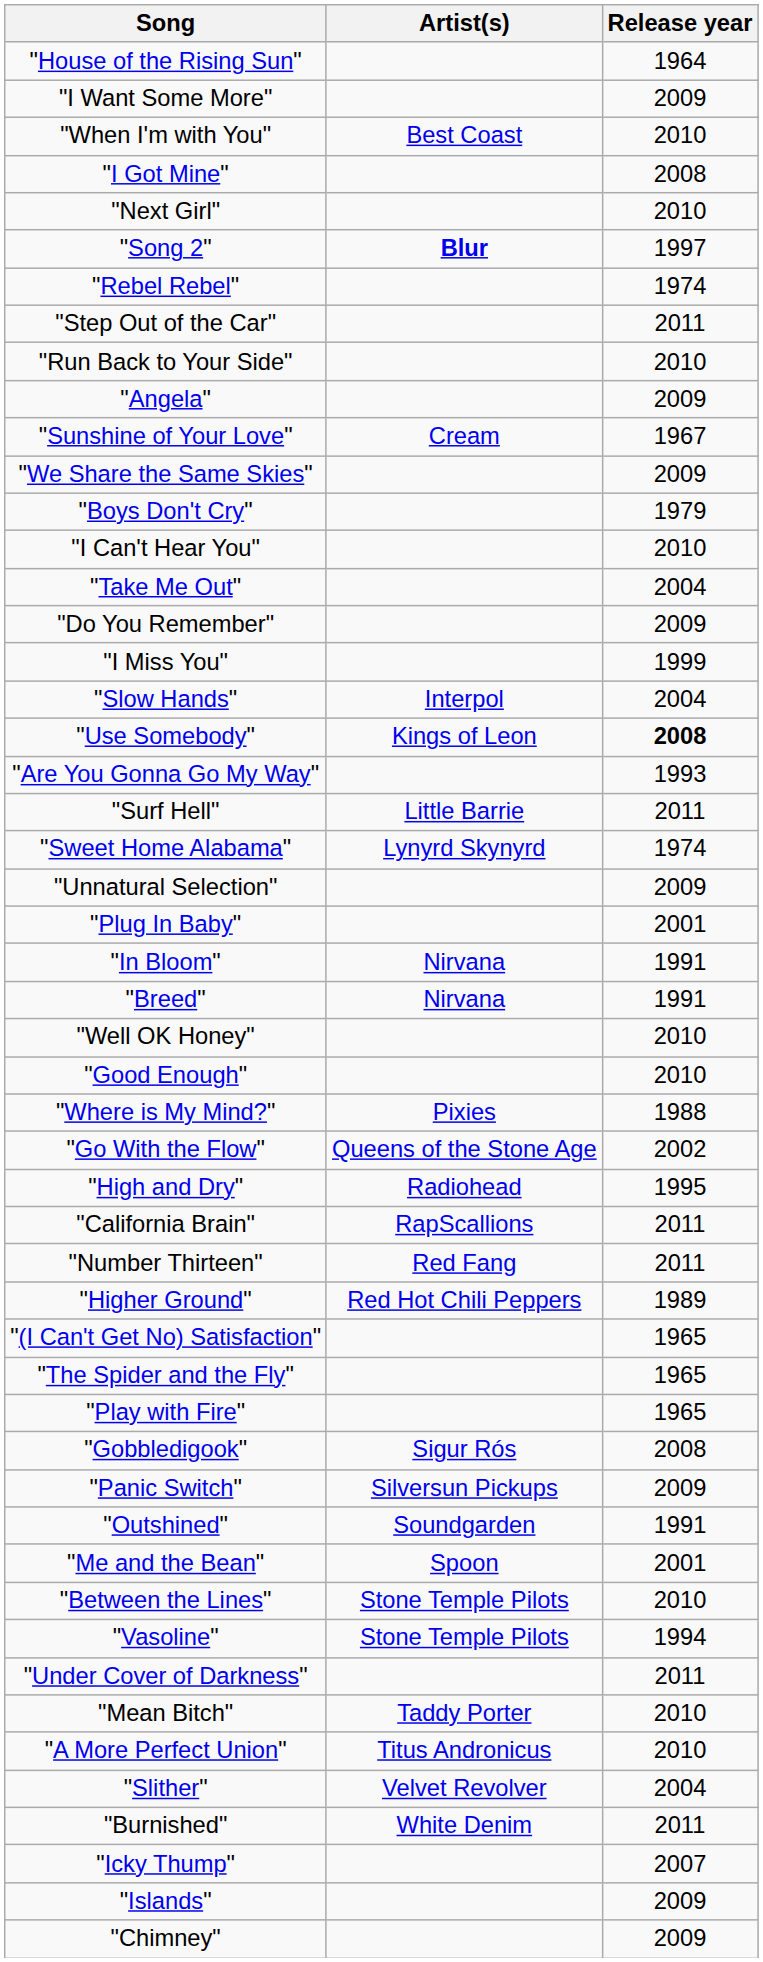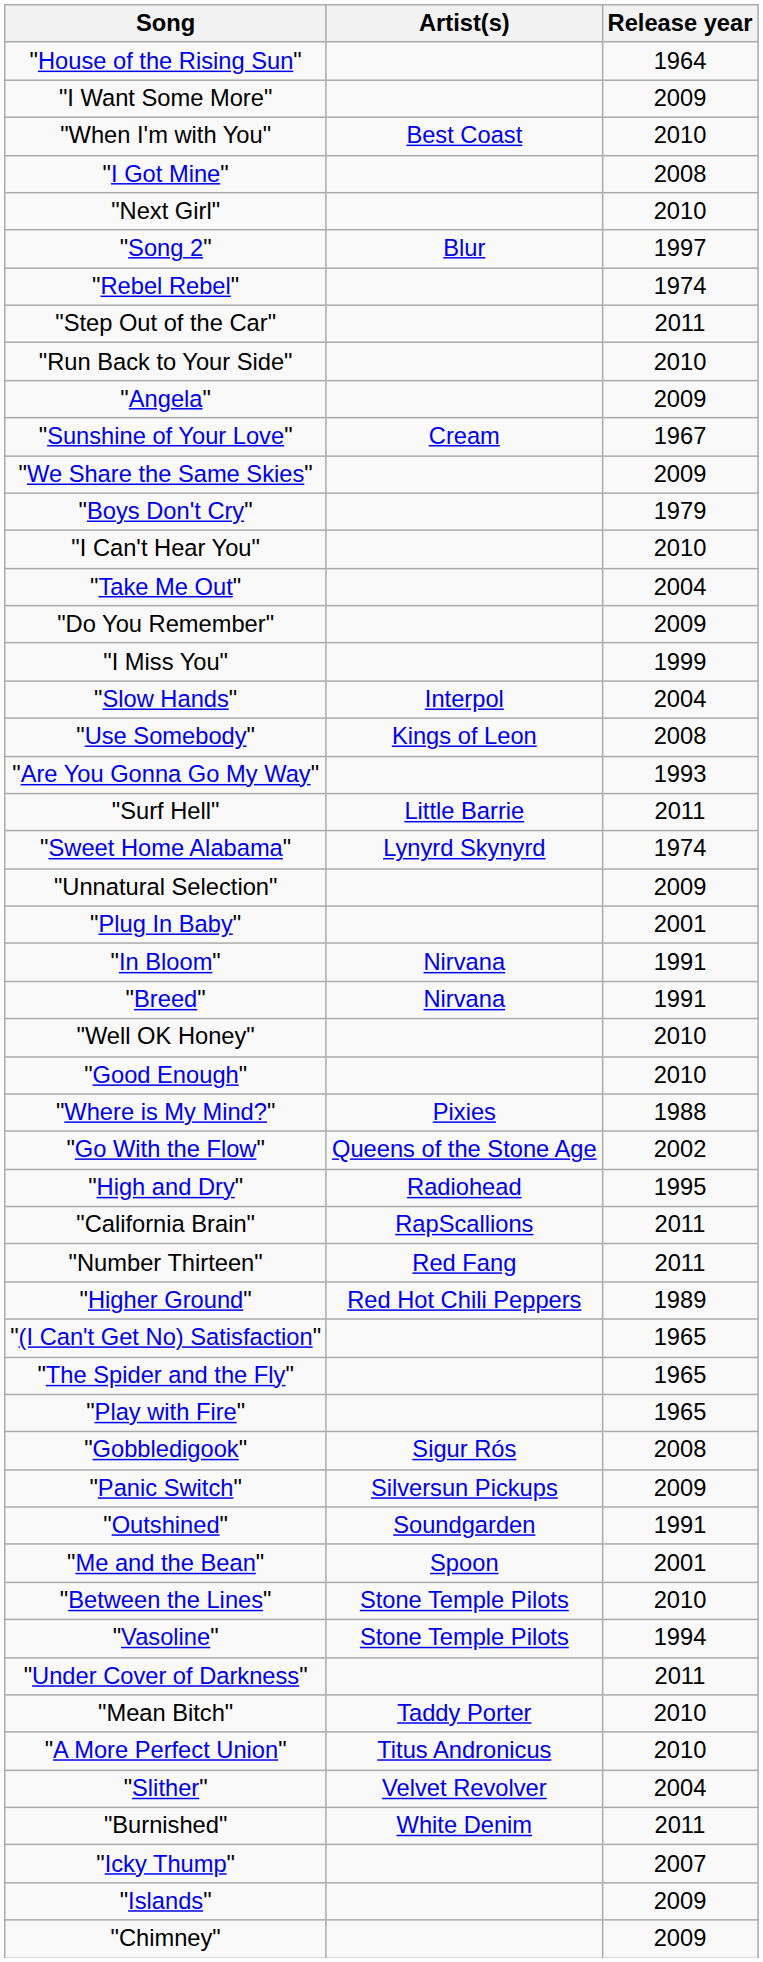 <table class="wikitable sortable" style="text-align: center">
 <tr>
 <th>Song</th>
 <th>Artist(s)</th>
 <th>Release year</th>
 </tr>
 <tr>
 <td>"<a href='#'>House of the Rising Sun</a>"</td>
 <td></td>
 <td>1964</td>
 </tr>
 <tr>
 <td>"I Want Some More"</td>
 <td></td>
 <td>2009</td>
 </tr>
 <tr>
 <td>"When I'm with You"</td>
 <td><a href='#'>Best Coast</a></td>
 <td>2010</td>
 </tr>
 <tr>
 <td>"<a href='#'>I Got Mine</a>"</td>
 <td></td>
 <td>2008</td>
 </tr>
 <tr>
 <td>"Next Girl"</td>
 <td></td>
 <td>2010</td>
 </tr>
 <tr>
 <td>"<a href='#'>Song 2</a>"</td>
-<td><strong><a href='#'>Blur</a></strong></td>
+<td><a href='#'>Blur</a></td>
 <td>1997</td>
 </tr>
 <tr>
 <td>"<a href='#'>Rebel Rebel</a>"</td>
 <td></td>
 <td>1974</td>
 </tr>
 <tr>
 <td>"Step Out of the Car"</td>
 <td></td>
 <td>2011</td>
 </tr>
 <tr>
 <td>"Run Back to Your Side"</td>
 <td></td>
 <td>2010</td>
 </tr>
 <tr>
 <td>"<a href='#'>Angela</a>"</td>
 <td></td>
 <td>2009</td>
 </tr>
 <tr>
 <td>"<a href='#'>Sunshine of Your Love</a>"</td>
 <td><a href='#'>Cream</a></td>
 <td>1967</td>
 </tr>
 <tr>
 <td>"<a href='#'>We Share the Same Skies</a>"</td>
 <td></td>
 <td>2009</td>
 </tr>
 <tr>
 <td>"<a href='#'>Boys Don't Cry</a>"</td>
 <td></td>
 <td>1979</td>
 </tr>
 <tr>
 <td>"I Can't Hear You"</td>
 <td></td>
 <td>2010</td>
 </tr>
 <tr>
 <td>"<a href='#'>Take Me Out</a>"</td>
 <td></td>
 <td>2004</td>
 </tr>
 <tr>
 <td>"Do You Remember"</td>
 <td></td>
 <td>2009</td>
 </tr>
 <tr>
 <td>"I Miss You"</td>
 <td></td>
 <td>1999</td>
 </tr>
 <tr>
 <td>"<a href='#'>Slow Hands</a>"</td>
 <td><a href='#'>Interpol</a></td>
 <td>2004</td>
 </tr>
 <tr>
 <td>"<a href='#'>Use Somebody</a>"</td>
 <td><a href='#'>Kings of Leon</a></td>
-<td><strong>2008</strong></td>
+<td>2008</td>
 </tr>
 <tr>
 <td>"<a href='#'>Are You Gonna Go My Way</a>"</td>
 <td></td>
 <td>1993</td>
 </tr>
 <tr>
 <td>"Surf Hell"</td>
 <td><a href='#'>Little Barrie</a></td>
 <td>2011</td>
 </tr>
 <tr>
 <td>"<a href='#'>Sweet Home Alabama</a>"</td>
 <td><a href='#'>Lynyrd Skynyrd</a></td>
 <td>1974</td>
 </tr>
 <tr>
 <td>"Unnatural Selection"</td>
 <td></td>
 <td>2009</td>
 </tr>
 <tr>
 <td>"<a href='#'>Plug In Baby</a>"</td>
 <td></td>
 <td>2001</td>
 </tr>
 <tr>
 <td>"<a href='#'>In Bloom</a>"</td>
 <td><a href='#'>Nirvana</a></td>
 <td>1991</td>
 </tr>
 <tr>
 <td>"<a href='#'>Breed</a>"</td>
 <td><a href='#'>Nirvana</a></td>
 <td>1991</td>
 </tr>
 <tr>
 <td>"Well OK Honey"</td>
 <td></td>
 <td>2010</td>
 </tr>
 <tr>
 <td>"<a href='#'>Good Enough</a>"</td>
 <td></td>
 <td>2010</td>
 </tr>
 <tr>
 <td>"<a href='#'>Where is My Mind?</a>"</td>
 <td><a href='#'>Pixies</a></td>
 <td>1988</td>
 </tr>
 <tr>
 <td>"<a href='#'>Go With the Flow</a>"</td>
 <td><a href='#'>Queens of the Stone Age</a></td>
 <td>2002</td>
 </tr>
 <tr>
 <td>"<a href='#'>High and Dry</a>"</td>
 <td><a href='#'>Radiohead</a></td>
 <td>1995</td>
 </tr>
 <tr>
 <td>"California Brain"</td>
 <td><a href='#'>RapScallions</a></td>
 <td>2011</td>
 </tr>
 <tr>
 <td>"Number Thirteen"</td>
 <td><a href='#'>Red Fang</a></td>
 <td>2011</td>
 </tr>
 <tr>
 <td>"<a href='#'>Higher Ground</a>"</td>
 <td><a href='#'>Red Hot Chili Peppers</a></td>
 <td>1989</td>
 </tr>
 <tr>
 <td>"<a href='#'>(I Can't Get No) Satisfaction</a>"</td>
 <td></td>
 <td>1965</td>
 </tr>
 <tr>
 <td>"<a href='#'>The Spider and the Fly</a>"</td>
 <td></td>
 <td>1965</td>
 </tr>
 <tr>
 <td>"<a href='#'>Play with Fire</a>"</td>
 <td></td>
 <td>1965</td>
 </tr>
 <tr>
 <td>"<a href='#'>Gobbledigook</a>"</td>
 <td><a href='#'>Sigur Rós</a></td>
 <td>2008</td>
 </tr>
 <tr>
 <td>"<a href='#'>Panic Switch</a>"</td>
 <td><a href='#'>Silversun Pickups</a></td>
 <td>2009</td>
 </tr>
 <tr>
 <td>"<a href='#'>Outshined</a>"</td>
 <td><a href='#'>Soundgarden</a></td>
 <td>1991</td>
 </tr>
 <tr>
 <td>"<a href='#'>Me and the Bean</a>"</td>
 <td><a href='#'>Spoon</a></td>
 <td>2001</td>
 </tr>
 <tr>
 <td>"<a href='#'>Between the Lines</a>"</td>
 <td><a href='#'>Stone Temple Pilots</a></td>
 <td>2010</td>
 </tr>
 <tr>
 <td>"<a href='#'>Vasoline</a>"</td>
 <td><a href='#'>Stone Temple Pilots</a></td>
 <td>1994</td>
 </tr>
 <tr>
 <td>"<a href='#'>Under Cover of Darkness</a>"</td>
 <td></td>
 <td>2011</td>
 </tr>
 <tr>
 <td>"Mean Bitch"</td>
 <td><a href='#'>Taddy Porter</a></td>
 <td>2010</td>
 </tr>
 <tr>
 <td>"<a href='#'>A More Perfect Union</a>"</td>
 <td><a href='#'>Titus Andronicus</a></td>
 <td>2010</td>
 </tr>
 <tr>
 <td>"<a href='#'>Slither</a>"</td>
 <td><a href='#'>Velvet Revolver</a></td>
 <td>2004</td>
 </tr>
 <tr>
 <td>"Burnished"</td>
 <td><a href='#'>White Denim</a></td>
 <td>2011</td>
 </tr>
 <tr>
 <td>"<a href='#'>Icky Thump</a>"</td>
 <td></td>
 <td>2007</td>
 </tr>
 <tr>
 <td>"<a href='#'>Islands</a>"</td>
 <td></td>
 <td>2009</td>
 </tr>
 <tr>
 <td>"Chimney"</td>
 <td></td>
 <td>2009</td>
 </tr>
 </table>
